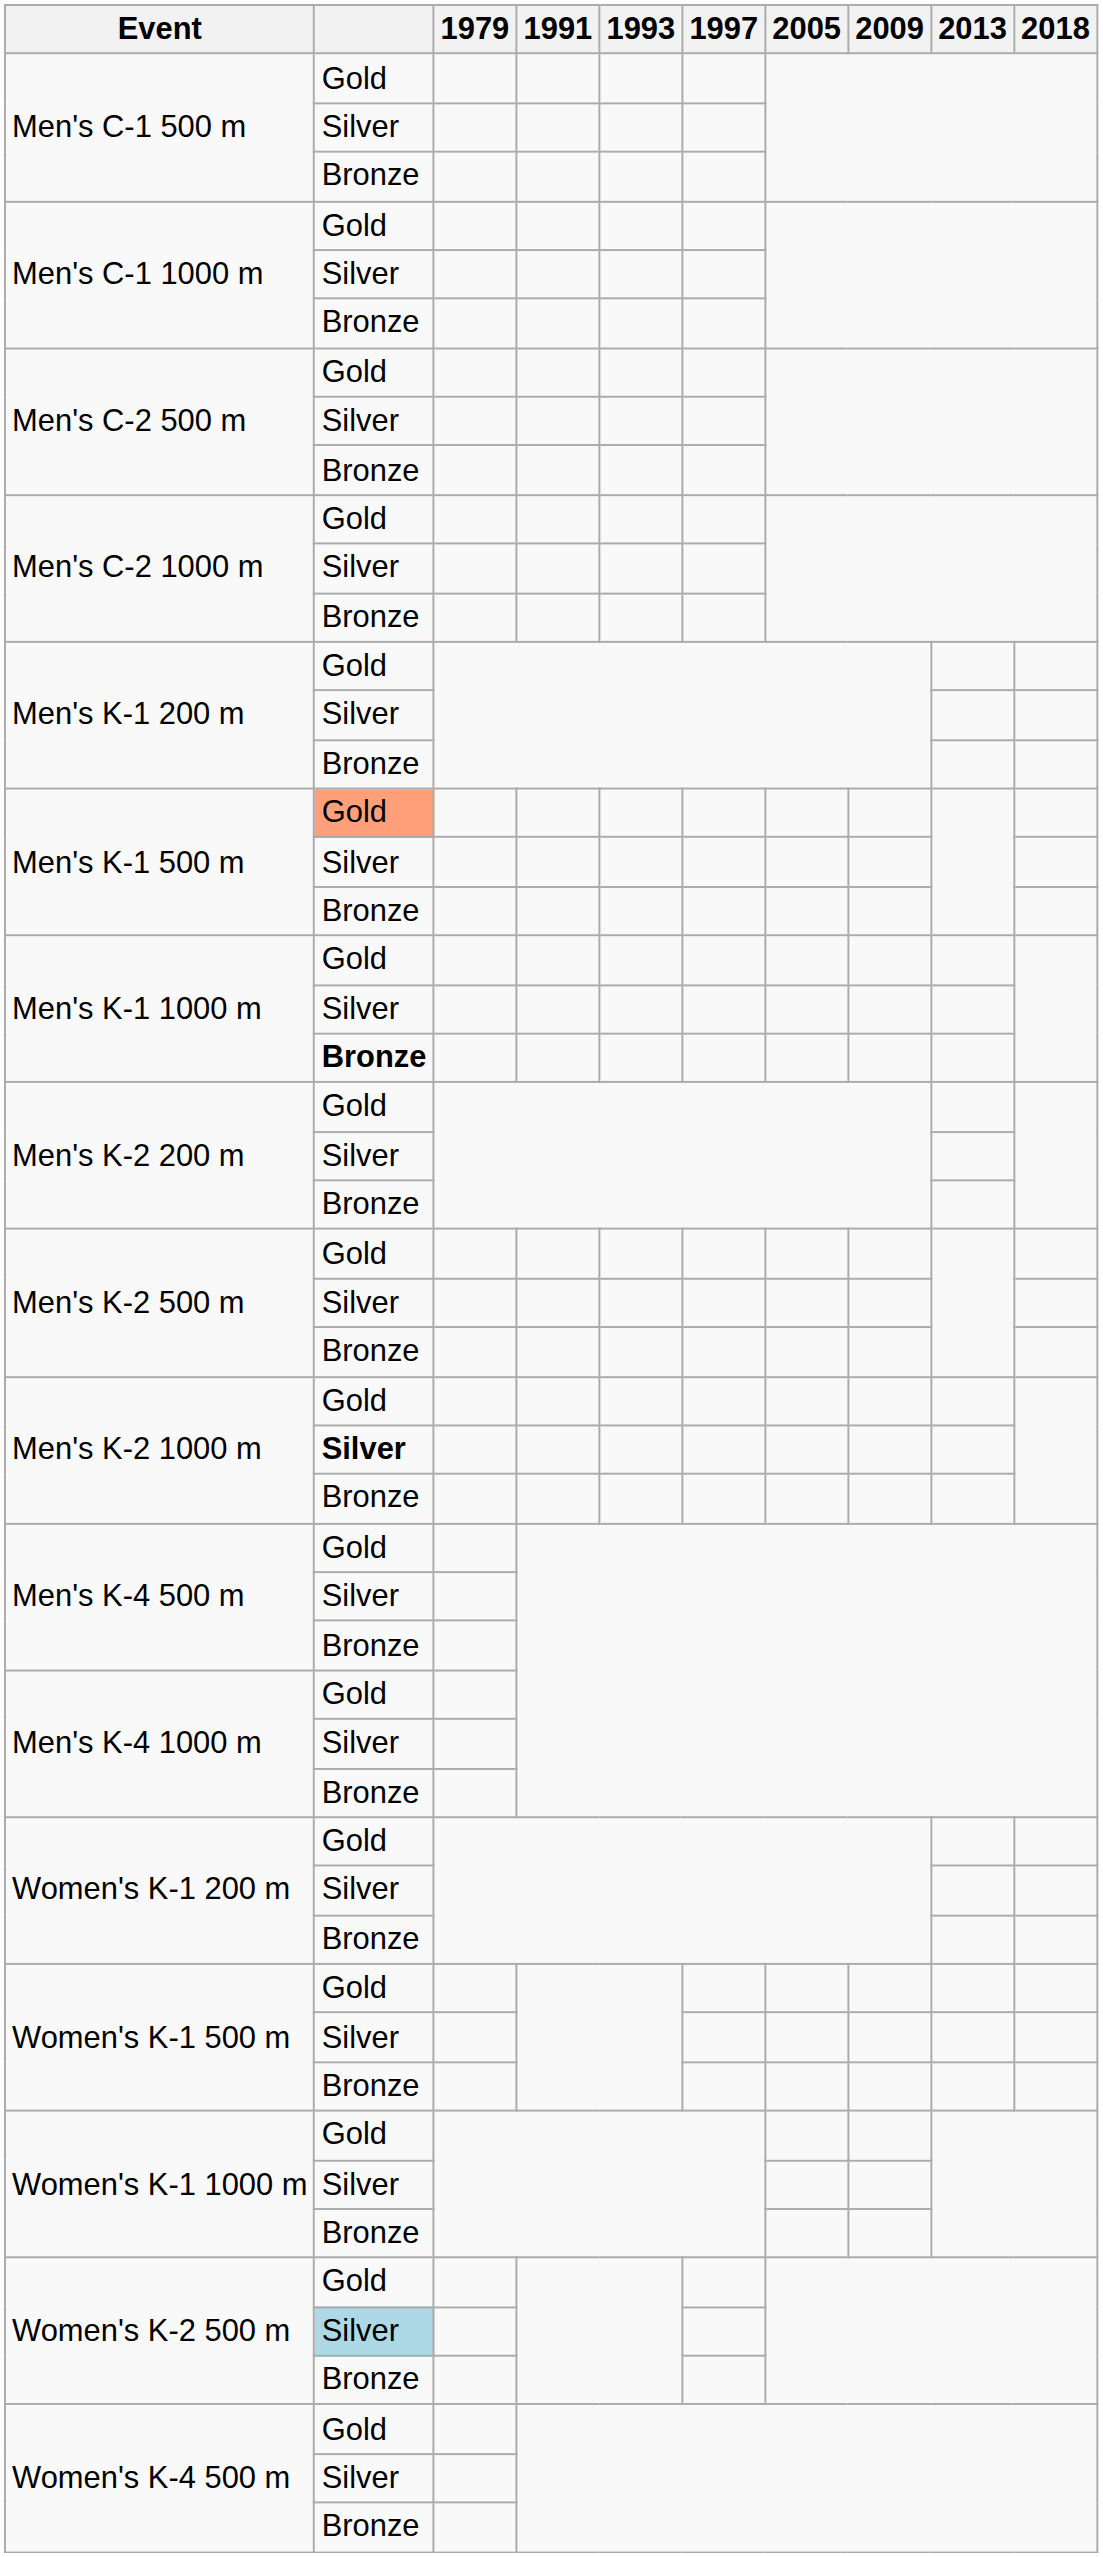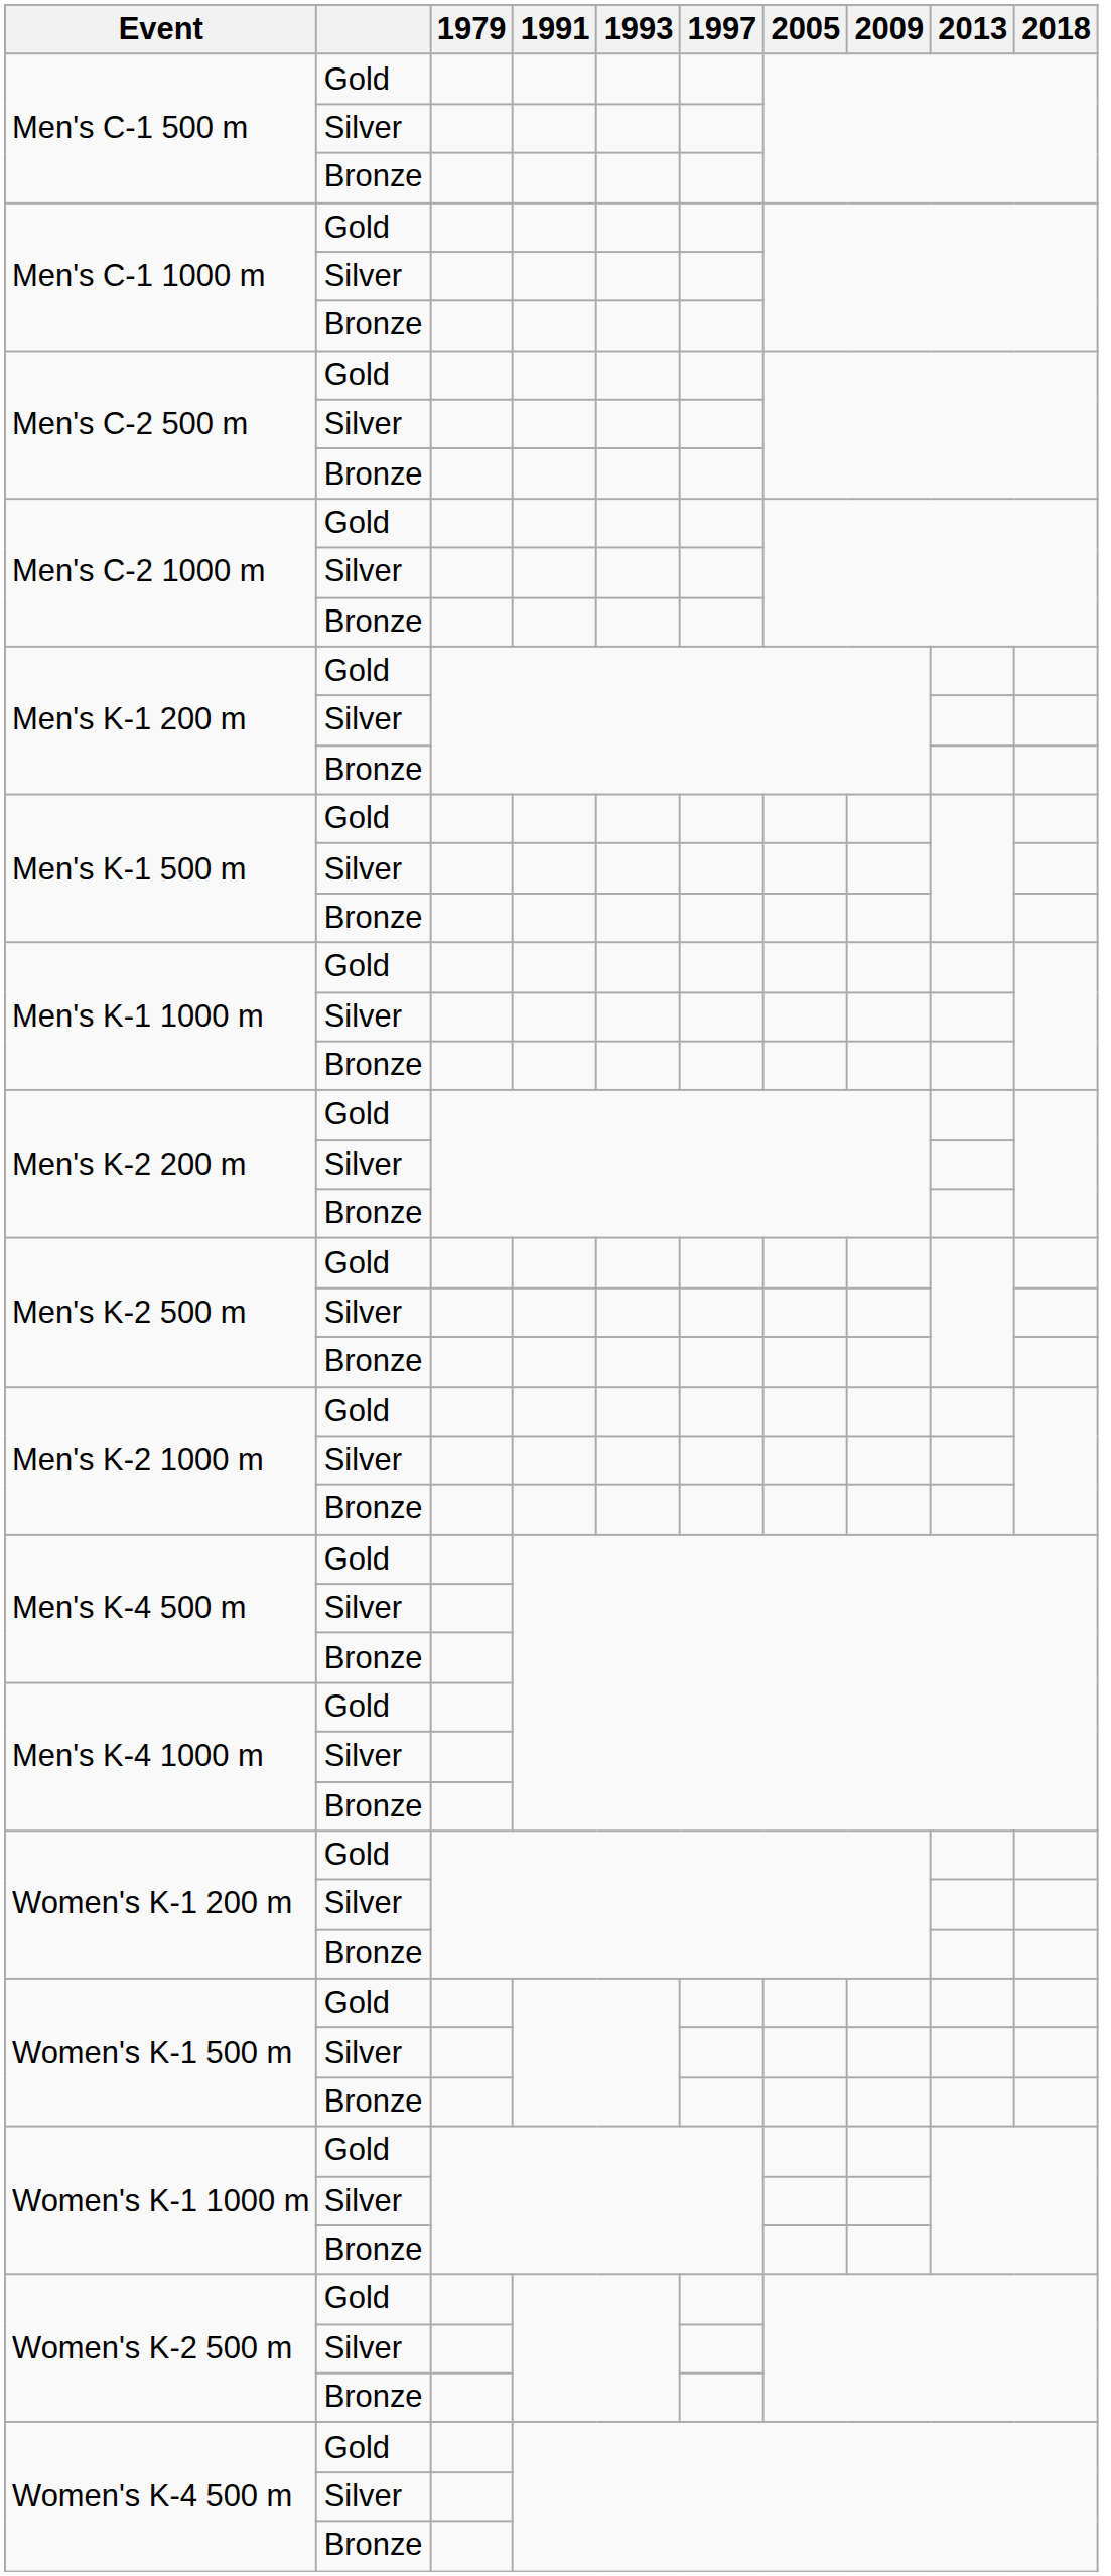 <table class="wikitable">
 <tr>
 <th>Event</th>
 <th></th>
 <th>1979</th>
 <th>1991</th>
 <th>1993</th>
 <th>1997</th>
 <th>2005</th>
 <th>2009</th>
 <th>2013</th>
 <th>2018</th>
 </tr>
 <tr>
 <td rowspan="3">Men's C-1 500 m</td>
 <td>Gold</td>
 <td><strong></strong></td>
 <td><strong></strong></td>
 <td><strong></strong></td>
 <td><strong></strong></td>
 <td colspan="4" rowspan="3"></td>
 </tr>
 <tr>
 <td>Silver</td>
 <td></td>
 <td></td>
 <td></td>
 <td></td>
 </tr>
 <tr>
 <td>Bronze</td>
 <td></td>
 <td></td>
 <td></td>
 <td></td>
 </tr>
 <tr>
 <td rowspan="3" align="left">Men's C-1 1000 m</td>
 <td>Gold</td>
 <td><strong></strong></td>
 <td><strong></strong></td>
 <td><strong></strong></td>
 <td><strong></strong></td>
 <td colspan="4" rowspan="3"></td>
 </tr>
 <tr>
 <td>Silver</td>
 <td></td>
 <td></td>
 <td></td>
 <td></td>
 </tr>
 <tr>
 <td>Bronze</td>
 <td></td>
 <td></td>
 <td></td>
 <td></td>
 </tr>
 <tr>
 <td rowspan="3" align="left">Men's C-2 500 m</td>
 <td>Gold</td>
 <td><strong></strong></td>
 <td><strong></strong></td>
 <td><strong></strong></td>
 <td><strong></strong></td>
 <td colspan="4" rowspan="3"></td>
 </tr>
 <tr>
 <td>Silver</td>
 <td></td>
 <td></td>
 <td></td>
 <td></td>
 </tr>
 <tr>
 <td>Bronze</td>
 <td></td>
 <td></td>
 <td></td>
 <td></td>
 </tr>
 <tr>
 <td rowspan="3">Men's C-2 1000 m</td>
 <td>Gold</td>
 <td><strong></strong></td>
 <td><strong></strong></td>
 <td><strong></strong></td>
 <td><strong></strong></td>
 <td colspan="4" rowspan="3"></td>
 </tr>
 <tr>
 <td>Silver</td>
 <td></td>
 <td></td>
 <td></td>
 <td></td>
 </tr>
 <tr>
 <td>Bronze</td>
 <td></td>
 <td></td>
 <td></td>
 <td></td>
 </tr>
 <tr>
 <td rowspan="3">Men's K-1 200 m</td>
 <td>Gold</td>
 <td colspan="6" rowspan="3"></td>
 <td><strong></strong></td>
 <td><strong></strong></td>
 </tr>
 <tr>
 <td>Silver</td>
 <td></td>
 <td></td>
 </tr>
 <tr>
 <td>Bronze</td>
 <td></td>
 <td></td>
 </tr>
 <tr>
 <td rowspan="3">Men's K-1 500 m</td>
-<td style="background: lightsalmon;">Gold</td>
+<td>Gold</td>
 <td><strong></strong></td>
 <td><strong></strong></td>
 <td><strong></strong></td>
 <td><strong></strong></td>
 <td><strong></strong></td>
 <td><strong></strong></td>
 <td rowspan="3"></td>
 <td><strong></strong></td>
 </tr>
 <tr>
 <td>Silver</td>
 <td></td>
 <td></td>
 <td></td>
 <td></td>
 <td></td>
 <td></td>
 <td></td>
 </tr>
 <tr>
 <td>Bronze</td>
 <td></td>
 <td></td>
 <td></td>
 <td></td>
 <td></td>
 <td></td>
 <td></td>
 </tr>
 <tr>
 <td rowspan="3">Men's K-1 1000 m</td>
 <td>Gold</td>
 <td><strong></strong></td>
 <td><strong></strong></td>
 <td><strong></strong></td>
 <td><strong></strong></td>
 <td><strong></strong></td>
 <td><strong></strong></td>
 <td><strong></strong></td>
 <td rowspan="3"></td>
 </tr>
 <tr>
 <td>Silver</td>
 <td></td>
 <td></td>
 <td></td>
 <td></td>
 <td></td>
 <td></td>
 <td></td>
 </tr>
 <tr>
-<td><strong>Bronze</strong></td>
+<td>Bronze</td>
 <td></td>
 <td></td>
 <td></td>
 <td></td>
 <td></td>
 <td></td>
 <td></td>
 </tr>
 <tr>
 <td rowspan="3">Men's K-2 200 m</td>
 <td>Gold</td>
 <td colspan="6" rowspan="3"></td>
 <td><strong></strong></td>
 <td rowspan="3"></td>
 </tr>
 <tr>
 <td>Silver</td>
 <td></td>
 </tr>
 <tr>
 <td>Bronze</td>
 <td></td>
 </tr>
 <tr>
 <td rowspan="3">Men's K-2 500 m</td>
 <td>Gold</td>
 <td><strong></strong></td>
 <td><strong></strong></td>
 <td><strong></strong></td>
 <td><strong></strong></td>
 <td><strong></strong></td>
 <td><strong></strong></td>
 <td rowspan="3"></td>
 <td><strong></strong></td>
 </tr>
 <tr>
 <td>Silver</td>
 <td></td>
 <td></td>
 <td></td>
 <td></td>
 <td></td>
 <td></td>
 <td></td>
 </tr>
 <tr>
 <td>Bronze</td>
 <td></td>
 <td></td>
 <td></td>
 <td></td>
 <td></td>
 <td></td>
 <td></td>
 </tr>
 <tr>
 <td rowspan="3">Men's K-2 1000 m</td>
 <td>Gold</td>
 <td><strong></strong></td>
 <td><strong></strong></td>
 <td><strong></strong></td>
 <td><strong></strong></td>
 <td><strong></strong></td>
 <td><strong></strong></td>
 <td><strong></strong></td>
 <td rowspan="3"></td>
 </tr>
 <tr>
-<td><strong>Silver</strong></td>
+<td>Silver</td>
 <td></td>
 <td></td>
 <td></td>
 <td></td>
 <td></td>
 <td></td>
 <td></td>
 </tr>
 <tr>
 <td>Bronze</td>
 <td></td>
 <td></td>
 <td></td>
 <td></td>
 <td></td>
 <td></td>
 <td></td>
 </tr>
 <tr>
 <td rowspan="3">Men's K-4 500 m</td>
 <td>Gold</td>
 <td><strong></strong></td>
 <td colspan="7" rowspan="6"></td>
 </tr>
 <tr>
 <td>Silver</td>
 <td></td>
 </tr>
 <tr>
 <td>Bronze</td>
 <td></td>
 </tr>
 <tr>
 <td rowspan="3">Men's K-4 1000 m</td>
 <td>Gold</td>
 <td><strong></strong></td>
 </tr>
 <tr>
 <td>Silver</td>
 <td></td>
 </tr>
 <tr>
 <td>Bronze</td>
 <td></td>
 </tr>
 <tr>
 <td rowspan="3">Women's K-1 200 m</td>
 <td>Gold</td>
 <td colspan="6" rowspan="3"></td>
 <td><strong></strong></td>
 <td><strong></strong></td>
 </tr>
 <tr>
 <td>Silver</td>
 <td></td>
 <td></td>
 </tr>
 <tr>
 <td>Bronze</td>
 <td></td>
 <td></td>
 </tr>
 <tr>
 <td rowspan="3">Women's K-1 500 m</td>
 <td>Gold</td>
 <td><strong></strong></td>
 <td colspan="2" rowspan="3"></td>
 <td><strong></strong></td>
 <td><strong></strong></td>
 <td><strong></strong></td>
 <td><strong></strong></td>
 <td><strong></strong></td>
 </tr>
 <tr>
 <td>Silver</td>
 <td></td>
 <td></td>
 <td></td>
 <td></td>
 <td></td>
 <td></td>
 </tr>
 <tr>
 <td>Bronze</td>
 <td></td>
 <td></td>
 <td></td>
 <td></td>
 <td></td>
 <td></td>
 </tr>
 <tr>
 <td rowspan="3">Women's K-1 1000 m</td>
 <td>Gold</td>
 <td colspan="4" rowspan="3"></td>
 <td><strong></strong></td>
 <td><strong></strong></td>
 <td colspan="2" rowspan="3"></td>
 </tr>
 <tr>
 <td>Silver</td>
 <td></td>
 <td></td>
 </tr>
 <tr>
 <td>Bronze</td>
 <td></td>
 <td></td>
 </tr>
 <tr>
 <td rowspan="3" align="left">Women's K-2 500 m</td>
 <td>Gold</td>
 <td><strong></strong></td>
 <td colspan="2" rowspan="3"></td>
 <td><strong></strong></td>
 <td colspan="4" rowspan="3"></td>
 </tr>
 <tr>
-<td style="background: lightblue;">Silver</td>
+<td>Silver</td>
 <td></td>
 <td></td>
 </tr>
 <tr>
 <td>Bronze</td>
 <td></td>
 <td></td>
 </tr>
 <tr>
 <td rowspan="3" align="left">Women's K-4 500 m</td>
 <td>Gold</td>
 <td><strong></strong></td>
 <td colspan="7" rowspan="3"></td>
 </tr>
 <tr>
 <td>Silver</td>
 <td></td>
 </tr>
 <tr>
 <td>Bronze</td>
 <td></td>
 </tr>
 </table>
